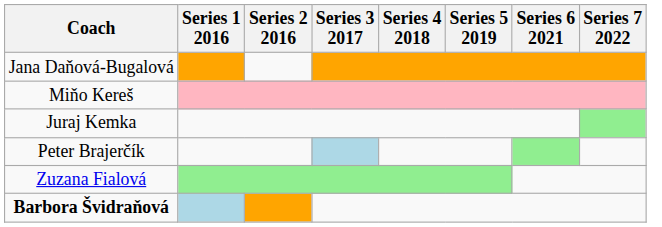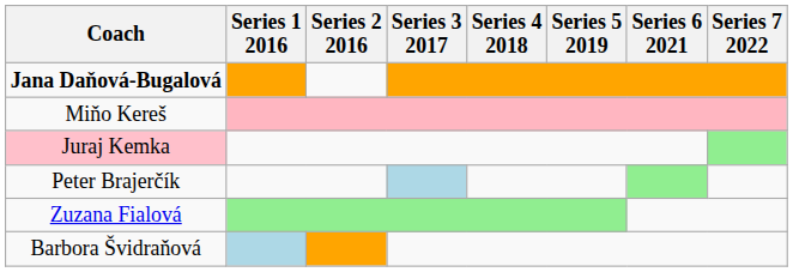 <table class="wikitable" style="text-align:center">
 <tr>
 <th>Coach</th>
 <th>Series 1<br>2016</th>
 <th>Series 2<br>2016</th>
 <th>Series 3<br>2017</th>
 <th>Series 4<br>2018</th>
 <th>Series 5<br>2019</th>
 <th>Series 6<br>2021</th>
 <th>Series 7<br>2022</th>
 </tr>
 <tr>
-<td>Jana Daňová-Bugalová</td>
+<td><strong>Jana Daňová-Bugalová</strong></td>
 <td colspan="1" style="background:orange;"></td>
 <td colspan="1"></td>
 <td colspan="5" style="background:orange;"></td>
 </tr>
 <tr>
 <td>Miňo Kereš</td>
 <td colspan="7" style="background:lightpink;"></td>
 </tr>
 <tr>
-<td>Juraj Kemka</td>
+<td style="background: pink;">Juraj Kemka</td>
 <td colspan="6"></td>
 <td colspan="1" style="background:lightgreen;"></td>
 </tr>
 <tr>
 <td>Peter Brajerčík</td>
 <td colspan="2"></td>
 <td colspan="1" style="background:lightblue;"></td>
 <td colspan="2"></td>
 <td colspan="1" style="background:lightgreen;"></td>
 <td colspan="1"></td>
 </tr>
 <tr>
 <td><a href='#'>Zuzana Fialová</a></td>
 <td colspan="5" style="background:lightgreen;"></td>
 <td colspan="2"></td>
 </tr>
 <tr>
-<td><strong>Barbora Švidraňová</strong></td>
+<td>Barbora Švidraňová</td>
 <td colspan="1" style="background:lightblue;"></td>
 <td colspan="1" style="background:orange;"></td>
 <td colspan="5"></td>
 </tr>
 </table>
